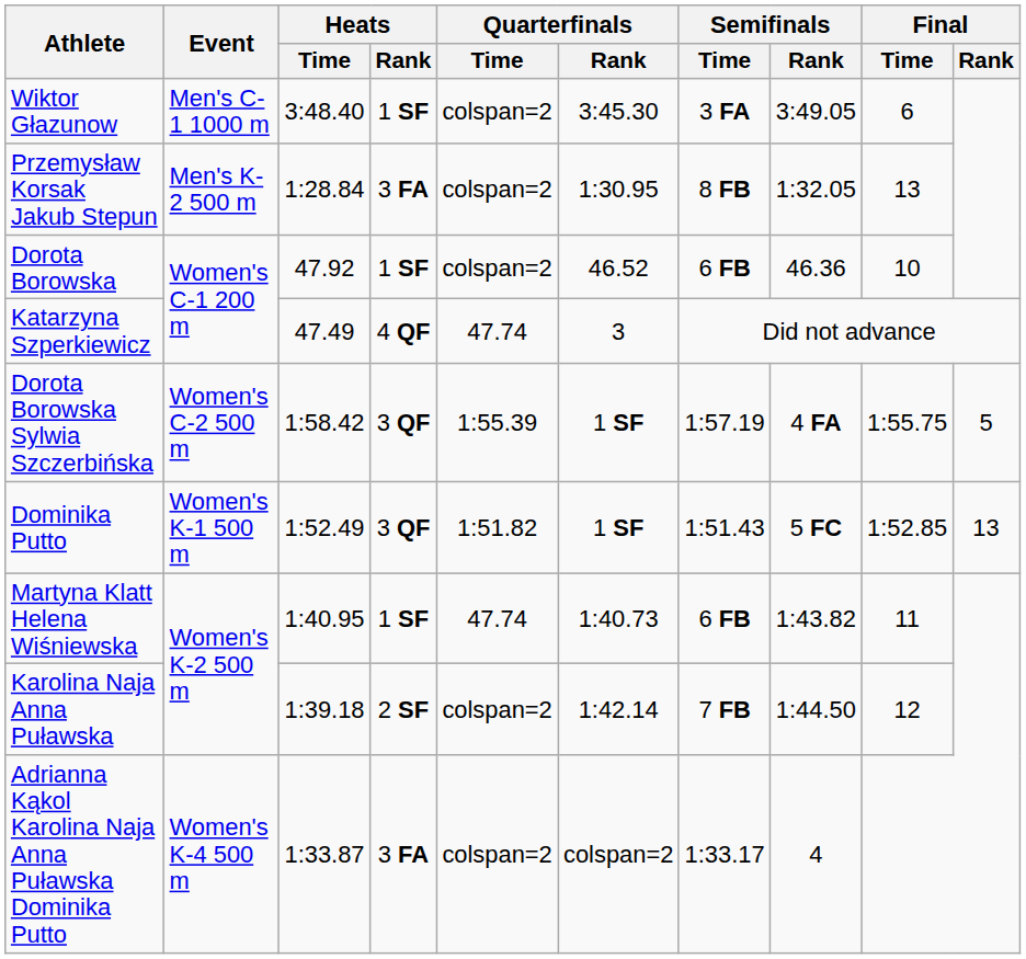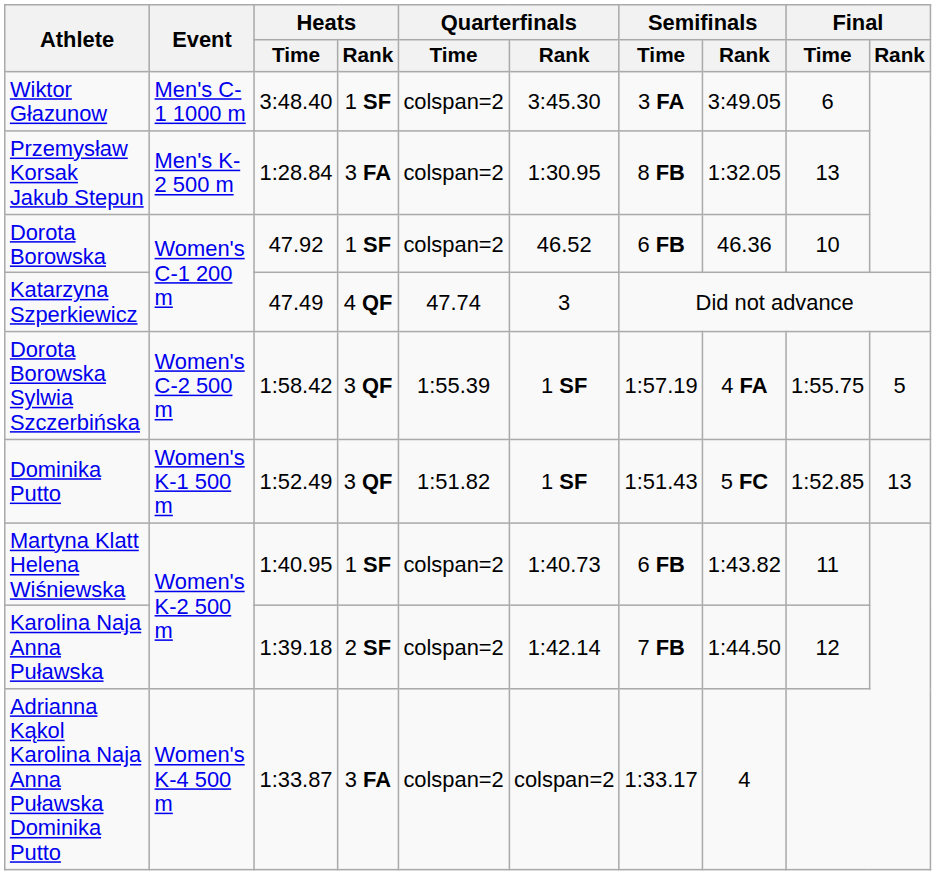 <table class=wikitable style="font-size:90%">
 <tr>
 <th rowspan=2>Athlete</th>
 <th rowspan=2>Event</th>
 <th colspan=2>Heats</th>
 <th colspan=2>Quarterfinals</th>
 <th colspan=2>Semifinals</th>
 <th colspan=2>Final</th>
 </tr>
 <tr style="font-size:95%">
 <th>Time</th>
 <th>Rank</th>
 <th>Time</th>
 <th>Rank</th>
 <th>Time</th>
 <th>Rank</th>
 <th>Time</th>
 <th>Rank</th>
 </tr>
 <tr align=center>
 <td align=left><a href='#'>Wiktor Głazunow</a></td>
 <td align=left><a href='#'>Men's C-1 1000 m</a></td>
 <td>3:48.40</td>
 <td>1 <strong>SF</strong></td>
 <td>colspan=2 </td>
 <td>3:45.30</td>
 <td>3 <strong>FA</strong></td>
 <td>3:49.05</td>
 <td>6</td>
 </tr>
 <tr align=center>
 <td align=left><a href='#'>Przemysław Korsak</a><br><a href='#'>Jakub Stepun</a></td>
 <td align=left><a href='#'>Men's K-2 500 m</a></td>
 <td>1:28.84</td>
 <td>3 <strong>FA</strong></td>
 <td>colspan=2 </td>
 <td>1:30.95</td>
 <td>8 <strong>FB</strong></td>
 <td>1:32.05</td>
 <td>13</td>
 </tr>
 <tr align=center>
 <td align=left><a href='#'>Dorota Borowska</a></td>
 <td rowspan=2 align=left><a href='#'>Women's C-1 200 m</a></td>
 <td>47.92</td>
 <td>1 <strong>SF</strong></td>
 <td>colspan=2 </td>
 <td>46.52</td>
 <td>6 <strong>FB</strong></td>
 <td>46.36</td>
 <td>10</td>
 </tr>
 <tr align=center>
 <td align=left><a href='#'>Katarzyna Szperkiewicz</a></td>
 <td>47.49</td>
 <td>4 <strong>QF</strong></td>
 <td>47.74</td>
 <td>3</td>
 <td colspan=4>Did not advance</td>
 </tr>
 <tr align=center>
 <td align=left><a href='#'>Dorota Borowska</a><br><a href='#'>Sylwia Szczerbińska</a></td>
 <td align=left><a href='#'>Women's C-2 500 m</a></td>
 <td>1:58.42</td>
 <td>3 <strong>QF</strong></td>
 <td>1:55.39</td>
 <td>1 <strong>SF</strong></td>
 <td>1:57.19</td>
 <td>4 <strong>FA</strong></td>
 <td>1:55.75</td>
 <td>5</td>
 </tr>
 <tr align=center>
 <td align=left><a href='#'>Dominika Putto</a></td>
 <td align=left><a href='#'>Women's K-1 500 m</a></td>
 <td>1:52.49</td>
 <td>3 <strong>QF</strong></td>
 <td>1:51.82</td>
 <td>1 <strong>SF</strong></td>
 <td>1:51.43</td>
 <td>5 <strong>FC</strong></td>
 <td>1:52.85</td>
 <td>13</td>
 </tr>
 <tr align=center>
 <td align=left><a href='#'>Martyna Klatt</a><br><a href='#'>Helena Wiśniewska</a></td>
 <td rowspan=2 align=left><a href='#'>Women's K-2 500 m</a></td>
 <td>1:40.95</td>
 <td>1 <strong>SF</strong></td>
-<td>47.74</td>
+<td>colspan=2 </td>
 <td>1:40.73</td>
 <td>6 <strong>FB</strong></td>
 <td>1:43.82</td>
 <td>11</td>
 </tr>
 <tr align=center>
 <td align=left><a href='#'>Karolina Naja</a><br><a href='#'>Anna Puławska</a></td>
 <td>1:39.18</td>
 <td>2 <strong>SF</strong></td>
 <td>colspan=2 </td>
 <td>1:42.14</td>
 <td>7 <strong>FB</strong></td>
 <td>1:44.50</td>
 <td>12</td>
 </tr>
 <tr align=center>
 <td align=left><a href='#'>Adrianna Kąkol</a><br><a href='#'>Karolina Naja</a><br><a href='#'>Anna Puławska</a><br><a href='#'>Dominika Putto</a></td>
 <td align=left><a href='#'>Women's K-4 500 m</a></td>
 <td>1:33.87</td>
 <td>3 <strong>FA</strong></td>
 <td>colspan=2 </td>
 <td>colspan=2 </td>
 <td>1:33.17</td>
 <td>4</td>
 </tr>
 </table>
